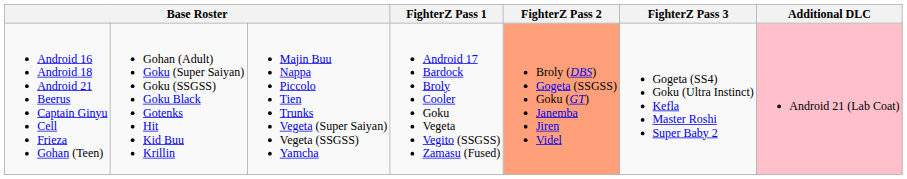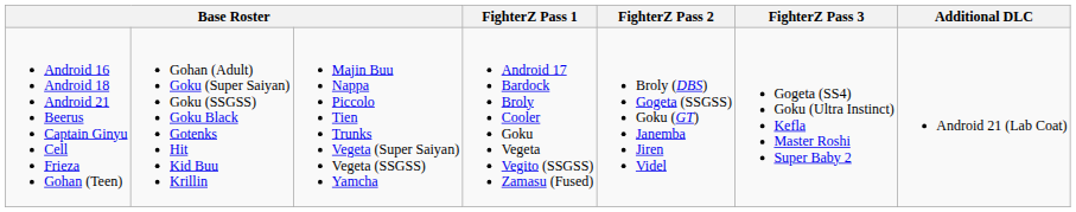 <table class="wikitable">
 <tr>
 <th colspan="3">Base Roster</th>
 <th>FighterZ Pass 1</th>
 <th>FighterZ Pass 2</th>
 <th>FighterZ Pass 3</th>
 <th>Additional DLC</th>
 </tr>
 <tr>
 <td><br><ul><li><a href='#'>Android 16</a></li><li><a href='#'>Android 18</a> </li><li><a href='#'>Android 21</a> </li><li><a href='#'>Beerus</a></li><li><a href='#'>Captain Ginyu</a> </li><li><a href='#'>Cell</a></li><li><a href='#'>Frieza</a></li><li><a href='#'>Gohan</a> (Teen)</li></ul></td>
 <td><br><ul><li>Gohan (Adult) </li><li><a href='#'>Goku</a> (Super Saiyan)</li><li>Goku (SSGSS) </li><li><a href='#'>Goku Black</a> </li><li><a href='#'>Gotenks</a></li><li><a href='#'>Hit</a></li><li><a href='#'>Kid Buu</a></li><li><a href='#'>Krillin</a></li></ul></td>
 <td><br><ul><li><a href='#'>Majin Buu</a></li><li><a href='#'>Nappa</a> </li><li><a href='#'>Piccolo</a></li><li><a href='#'>Tien</a> </li><li><a href='#'>Trunks</a></li><li><a href='#'>Vegeta</a> (Super Saiyan)</li><li>Vegeta (SSGSS) </li><li><a href='#'>Yamcha</a></li></ul></td>
 <td><br><ul><li><a href='#'>Android 17</a> </li><li><a href='#'>Bardock</a></li><li><a href='#'>Broly</a></li><li><a href='#'>Cooler</a></li><li>Goku</li><li>Vegeta</li><li><a href='#'>Vegito</a> (SSGSS)</li><li><a href='#'>Zamasu</a> (Fused)</li></ul></td>
-<td style="background: lightsalmon;"><br><ul><li>Broly (<em><a href='#'>DBS</a></em>)</li><li><a href='#'>Gogeta</a> (SSGSS)</li><li>Goku (<em><a href='#'>GT</a></em>)</li><li><a href='#'>Janemba</a></li><li><a href='#'>Jiren</a></li><li><a href='#'>Videl</a> </li></ul></td>
+<td><br><ul><li>Broly (<em><a href='#'>DBS</a></em>)</li><li><a href='#'>Gogeta</a> (SSGSS)</li><li>Goku (<em><a href='#'>GT</a></em>)</li><li><a href='#'>Janemba</a></li><li><a href='#'>Jiren</a></li><li><a href='#'>Videl</a> </li></ul></td>
 <td><br><ul><li>Gogeta (SS4)</li><li>Goku (Ultra Instinct)</li><li><a href='#'>Kefla</a></li><li><a href='#'>Master Roshi</a></li><li><a href='#'>Super Baby 2</a></li></ul></td>
-<td style="background: pink;"><br><ul><li>Android 21 (Lab Coat)</li></ul></td>
+<td><br><ul><li>Android 21 (Lab Coat)</li></ul></td>
 </tr>
 </table>
